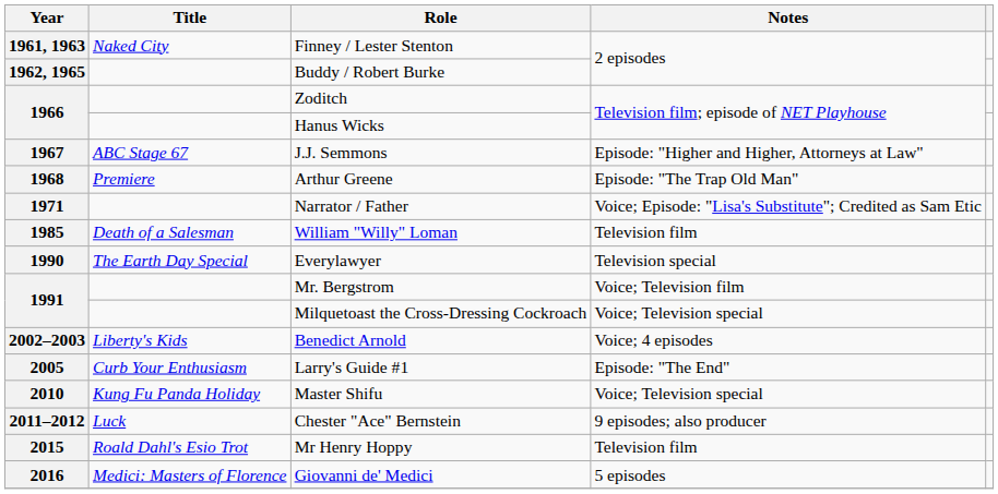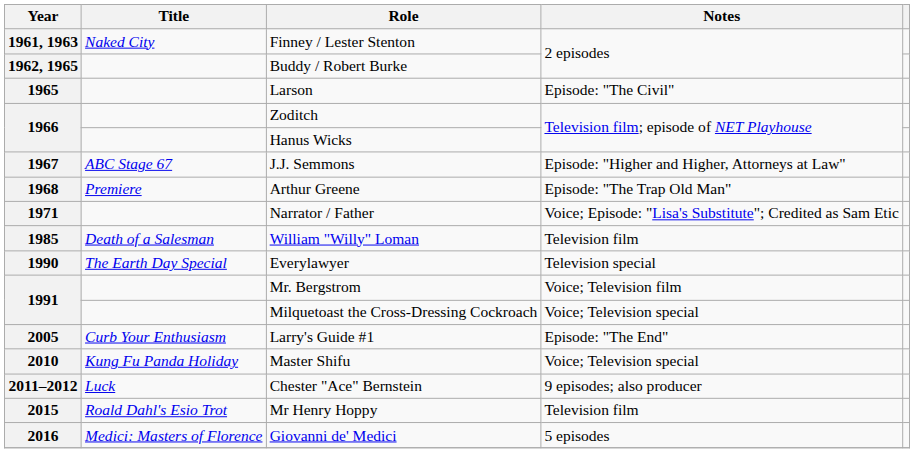 <table class="wikitable plainrowheaders sortable">
 <tr>
 <th scope="col">Year</th>
 <th scope="col">Title</th>
 <th scope="col">Role</th>
 <th scope="col" class="unsortable">Notes</th>
 <th scope="col" class="unsortable"></th>
 </tr>
 <tr>
 <th scope="row">1961, 1963</th>
 <td><em><a href='#'>Naked City</a></em></td>
 <td>Finney / Lester Stenton</td>
 <td rowspan="2">2 episodes</td>
 <td style="text-align: center;"></td>
 </tr>
 <tr>
 <th scope="row">1962, 1965</th>
 <td></td>
 <td>Buddy / Robert Burke</td>
+<td></td>
+</tr>
+<tr>
+<th scope="row">1965</th>
+<td></td>
+<td>Larson</td>
+<td>Episode: "The Civil"</td>
 <td></td>
 </tr>
 <tr>
 <th scope="row" rowspan="2">1966</th>
 <td></td>
 <td>Zoditch</td>
 <td rowspan="2"><a href='#'>Television film</a>; episode of <em><a href='#'>NET Playhouse</a></em></td>
 <td style="text-align: center;"></td>
 </tr>
 <tr>
 <td></td>
 <td>Hanus Wicks</td>
 <td style="text-align: center;"></td>
 </tr>
 <tr>
 <th scope="row">1967</th>
 <td><em><a href='#'>ABC Stage 67</a></em></td>
 <td>J.J. Semmons</td>
 <td>Episode: "Higher and Higher, Attorneys at Law"</td>
 <td></td>
 </tr>
 <tr>
 <th scope="row">1968</th>
 <td><em><a href='#'>Premiere</a></em></td>
 <td>Arthur Greene</td>
 <td>Episode: "The Trap Old Man"</td>
 <td></td>
 </tr>
 <tr>
 <th scope="row">1971</th>
 <td></td>
 <td>Narrator / Father</td>
 <td>Voice; Episode: "<a href='#'>Lisa's Substitute</a>"; Credited as Sam Etic</td>
 <td></td>
 </tr>
 <tr>
 <th scope="row">1985</th>
 <td><em><a href='#'>Death of a Salesman</a></em></td>
 <td><a href='#'>William "Willy" Loman</a></td>
 <td>Television film</td>
 <td style="text-align: center;"></td>
 </tr>
 <tr>
 <th scope="row">1990</th>
 <td><em><a href='#'>The Earth Day Special</a></em></td>
 <td>Everylawyer</td>
 <td>Television special</td>
 <td></td>
 </tr>
 <tr>
 <th scope="row" rowspan="2">1991</th>
 <td></td>
 <td>Mr. Bergstrom</td>
 <td>Voice; Television film</td>
 <td style="text-align: center;"></td>
 </tr>
 <tr>
 <td></td>
 <td>Milquetoast the Cross-Dressing Cockroach</td>
 <td>Voice; Television special</td>
 <td style="text-align: center;"></td>
 </tr>
 <tr>
-<th scope="row">2002–2003</th>
-<td><em><a href='#'>Liberty's Kids</a></em></td>
-<td><a href='#'>Benedict Arnold</a></td>
-<td>Voice; 4 episodes</td>
-<td style="text-align: center;"></td>
-</tr>
-<tr>
 <th scope="row">2005</th>
 <td><em><a href='#'>Curb Your Enthusiasm</a></em></td>
 <td>Larry's Guide #1</td>
 <td>Episode: "The End"</td>
 <td style="text-align: center;"></td>
 </tr>
 <tr>
 <th scope="row">2010</th>
 <td><em><a href='#'>Kung Fu Panda Holiday</a></em></td>
 <td>Master Shifu</td>
 <td>Voice; Television special</td>
 <td style="text-align: center;"></td>
 </tr>
 <tr>
 <th scope="row">2011–2012</th>
 <td><em><a href='#'>Luck</a></em></td>
 <td>Chester "Ace" Bernstein</td>
 <td>9 episodes; also producer</td>
 <td style="text-align: center;"></td>
 </tr>
 <tr>
 <th scope="row">2015</th>
 <td><em><a href='#'>Roald Dahl's Esio Trot</a></em></td>
 <td>Mr Henry Hoppy</td>
 <td>Television film</td>
 <td style="text-align: center;"></td>
 </tr>
 <tr>
 <th scope="row">2016</th>
 <td><em><a href='#'>Medici: Masters of Florence</a></em></td>
 <td><a href='#'>Giovanni de' Medici</a></td>
 <td>5 episodes</td>
 <td style="text-align: center;"></td>
 </tr>
 <tr>
 </tr>
 </table>
